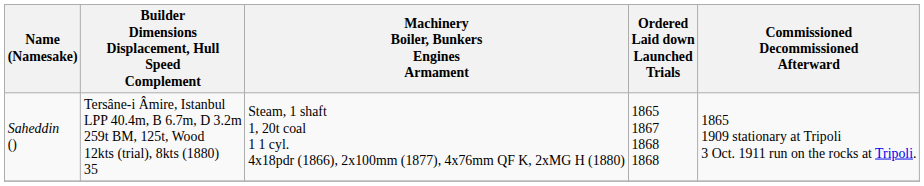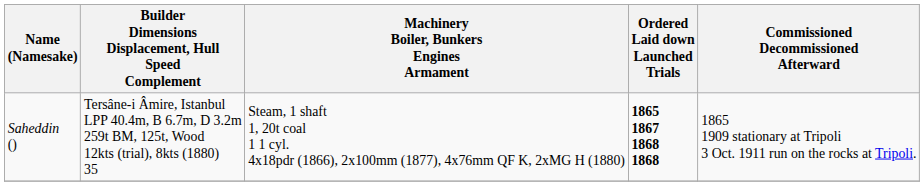 <table class="wikitable" style="font-size:90%;">
 <tr bgcolor="#e6e9ff">
 <th>Name<br>(Namesake)</th>
 <th>Builder<br>Dimensions<br>Displacement, Hull<br>Speed<br>Complement</th>
 <th>Machinery<br>Boiler, Bunkers<br>Engines<br>Armament</th>
 <th>Ordered<br>Laid down<br>Launched<br>Trials</th>
 <th>Commissioned<br>Decommissioned<br>Afterward</th>
 </tr>
 <tr ---->
 <td><em>Saheddin</em><br>()</td>
 <td> Tersâne-i Âmire, Istanbul<br>LPP 40.4m, B 6.7m, D 3.2m<br>259t BM, 125t, Wood<br>12kts (trial), 8kts (1880)<br>35</td>
 <td>Steam, 1 shaft<br>1, 20t coal<br>1 1 cyl.<br>4x18pdr (1866), 2x100mm (1877), 4x76mm QF K, 2xMG H (1880)</td>
-<td>1865<br>1867<br>1868<br>1868</td>
+<td><strong>1865<br>1867<br>1868<br>1868</strong></td>
 <td>1865<br>1909 stationary at Tripoli<br>3 Oct. 1911 run on the rocks at <a href='#'>Tripoli</a>.</td>
 </tr>
 <tr ---->
 </tr>
 </table>
